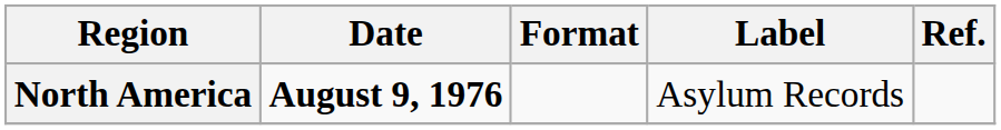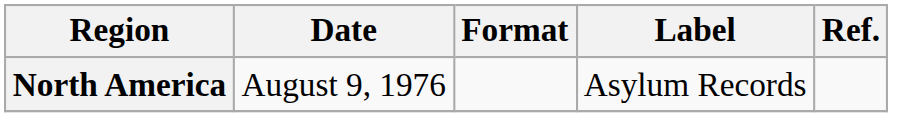 <table class="wikitable plainrowheaders">
 <tr>
 <th scope="col">Region</th>
 <th scope="col">Date</th>
 <th scope="col">Format</th>
 <th scope="col">Label</th>
 <th scope="col">Ref.</th>
 </tr>
 <tr>
 <th scope="row">North America</th>
-<td><strong>August 9, 1976</strong></td>
+<td>August 9, 1976</td>
 <td></td>
 <td>Asylum Records</td>
 <td></td>
 </tr>
 <tr>
 </tr>
 </table>
